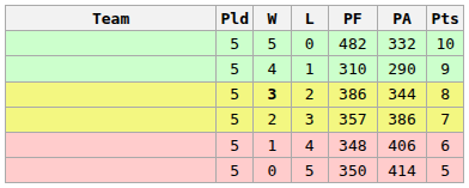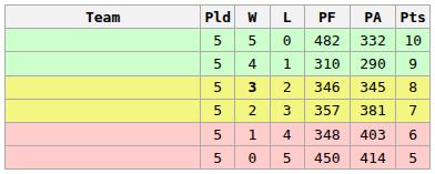 <table class="wikitable" style="text-align:center;">
 <tr>
 <th width=170>Team</th>
 <th width=25>Pld</th>
 <th width=25>W</th>
 <th width=25>L</th>
 <th width=35>PF</th>
 <th width=35>PA</th>
 <th width=25>Pts</th>
 </tr>
 <tr bgcolor=#ccffcc>
 <td align="left"></td>
 <td>5</td>
 <td>5</td>
 <td>0</td>
 <td>482</td>
 <td>332</td>
 <td>10</td>
 </tr>
 <tr bgcolor=#ccffcc>
 <td align="left"></td>
 <td>5</td>
 <td>4</td>
 <td>1</td>
 <td>310</td>
 <td>290</td>
 <td>9</td>
 </tr>
 <tr bgcolor=#F3F781>
 <td align="left"></td>
 <td>5</td>
 <td><strong>3</strong></td>
 <td>2</td>
-<td>386</td>
-<td>344</td>
+<td>346</td>
+<td>345</td>
 <td>8</td>
 </tr>
 <tr bgcolor=#F3F781>
 <td align="left"></td>
 <td>5</td>
 <td>2</td>
 <td>3</td>
 <td>357</td>
-<td>386</td>
+<td>381</td>
 <td>7</td>
 </tr>
 <tr bgcolor=#ffcccc>
 <td align="left"></td>
 <td>5</td>
 <td>1</td>
 <td>4</td>
 <td>348</td>
-<td>406</td>
+<td>403</td>
 <td>6</td>
 </tr>
 <tr bgcolor=#ffcccc>
 <td align="left"></td>
 <td>5</td>
 <td>0</td>
 <td>5</td>
-<td>350</td>
+<td>450</td>
 <td>414</td>
 <td>5</td>
 </tr>
 </table>
